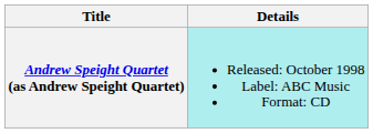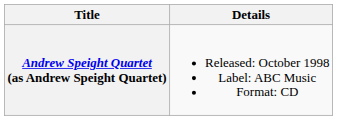 <table class="wikitable plainrowheaders" style="text-align:center;" border="1">
 <tr>
 <th>Title</th>
 <th>Details</th>
 </tr>
 <tr>
 <th scope="row"><em><a href='#'>Andrew Speight Quartet</a></em> <br> (as Andrew Speight Quartet)</th>
-<td style="background: paleturquoise;"><br><ul><li>Released: October 1998</li><li>Label: ABC Music</li><li>Format: CD</li></ul></td>
+<td><br><ul><li>Released: October 1998</li><li>Label: ABC Music</li><li>Format: CD</li></ul></td>
 </tr>
 </table>
